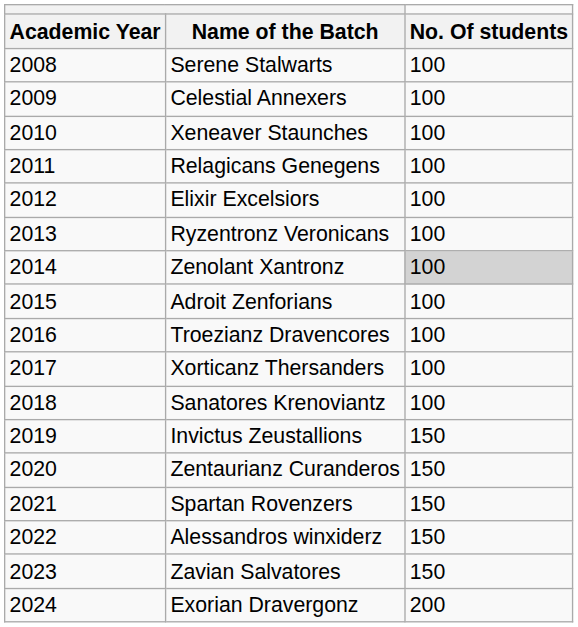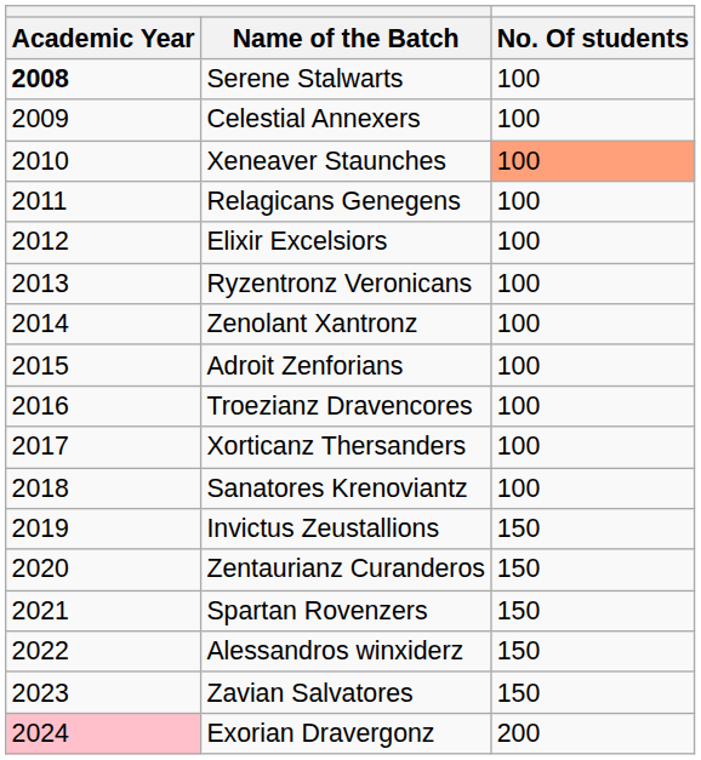 <table class="wikitable" style="width:200pt,">
 <tr>
 <th colspan="2" style="text-align: center,"></th>
 </tr>
 <tr>
 <th style="text-align: centre,">Academic Year</th>
 <th style="text-align: center,">Name of the Batch</th>
 <th style="text-align: center,">No. Of students</th>
 </tr>
 <tr>
-<td>2008</td>
+<td><strong>2008</strong></td>
 <td>Serene Stalwarts</td>
 <td>100</td>
 </tr>
 <tr>
 <td>2009</td>
 <td>Celestial Annexers</td>
 <td>100</td>
 </tr>
 <tr>
 <td>2010</td>
 <td>Xeneaver Staunches</td>
-<td>100</td>
+<td style="background: lightsalmon;">100</td>
 </tr>
 <tr>
 <td>2011</td>
 <td>Relagicans Genegens</td>
 <td>100</td>
 </tr>
 <tr>
 <td>2012</td>
 <td>Elixir Excelsiors</td>
 <td>100</td>
 </tr>
 <tr>
 <td>2013</td>
 <td>Ryzentronz Veronicans</td>
 <td>100</td>
 </tr>
 <tr>
 <td>2014</td>
 <td>Zenolant Xantronz</td>
-<td style="background: lightgrey;">100</td>
+<td>100</td>
 </tr>
 <tr>
 <td>2015</td>
 <td>Adroit Zenforians</td>
 <td>100</td>
 </tr>
 <tr>
 <td>2016</td>
 <td>Troezianz Dravencores</td>
 <td>100</td>
 </tr>
 <tr>
 <td>2017</td>
 <td>Xorticanz Thersanders</td>
 <td>100</td>
 </tr>
 <tr>
 <td>2018</td>
 <td>Sanatores Krenoviantz</td>
 <td>100</td>
 </tr>
 <tr>
 <td>2019</td>
 <td>Invictus Zeustallions</td>
 <td>150</td>
 </tr>
 <tr>
 <td>2020</td>
 <td>Zentaurianz Curanderos</td>
 <td>150</td>
 </tr>
 <tr>
 <td>2021</td>
 <td>Spartan Rovenzers</td>
 <td>150</td>
 </tr>
 <tr>
 <td>2022</td>
 <td>Alessandros winxiderz</td>
 <td>150</td>
 </tr>
 <tr>
 <td>2023</td>
 <td>Zavian Salvatores</td>
 <td>150</td>
 </tr>
 <tr>
-<td>2024</td>
+<td style="background: pink;">2024</td>
 <td>Exorian Dravergonz</td>
 <td>200</td>
 </tr>
 </table>
